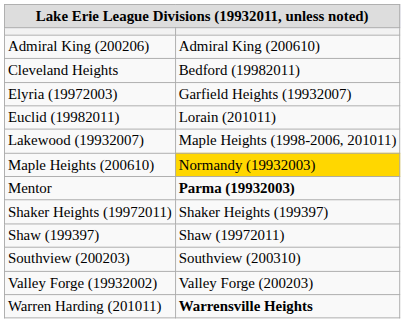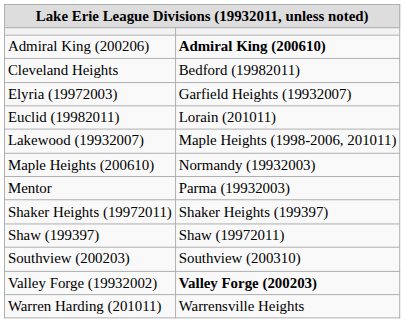 <table class="wikitable">
 <tr style="background:#ccf;">
 <th colspan="4" style="background:#ddd;">Lake Erie League Divisions (19932011, unless noted)</th>
 </tr>
 <tr>
 <th></th>
 <th></th>
 </tr>
 <tr>
 <td>Admiral King (200206)</td>
-<td>Admiral King (200610)</td>
+<td><strong>Admiral King (200610)</strong></td>
 </tr>
 <tr>
 <td>Cleveland Heights</td>
 <td>Bedford (19982011)</td>
 </tr>
 <tr>
 <td>Elyria (19972003)</td>
 <td>Garfield Heights (19932007)</td>
 </tr>
 <tr>
 <td>Euclid (19982011)</td>
 <td>Lorain (201011)</td>
 </tr>
 <tr>
 <td>Lakewood (19932007)</td>
 <td>Maple Heights (1998-2006, 201011)</td>
 </tr>
 <tr>
 <td>Maple Heights (200610)</td>
-<td style="background: gold;">Normandy (19932003)</td>
+<td>Normandy (19932003)</td>
 </tr>
 <tr>
 <td>Mentor</td>
-<td><strong>Parma (19932003)</strong></td>
+<td>Parma (19932003)</td>
 </tr>
 <tr>
 <td>Shaker Heights (19972011)</td>
 <td>Shaker Heights (199397)</td>
 </tr>
 <tr>
 <td>Shaw (199397)</td>
 <td>Shaw (19972011)</td>
 </tr>
 <tr>
 <td>Southview (200203)</td>
 <td>Southview (200310)</td>
 </tr>
 <tr>
 <td>Valley Forge (19932002)</td>
-<td>Valley Forge (200203)</td>
+<td><strong>Valley Forge (200203)</strong></td>
 </tr>
 <tr>
 <td>Warren Harding (201011)</td>
-<td><strong>Warrensville Heights</strong></td>
+<td>Warrensville Heights</td>
 </tr>
 </table>
